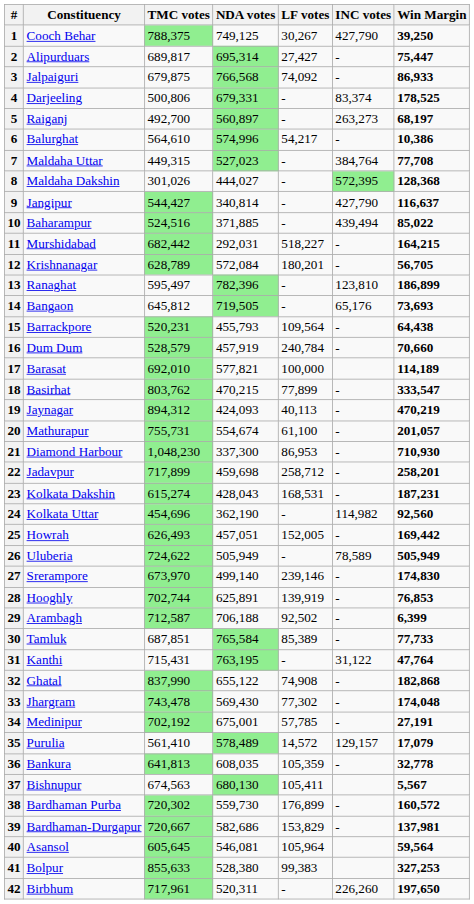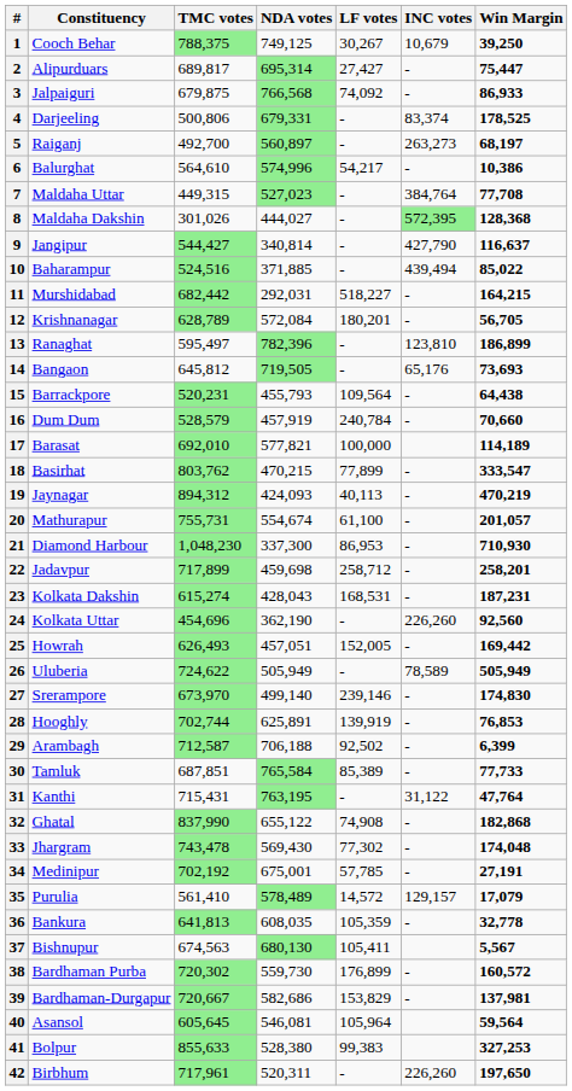 <table class="wikitable sortable">
 <tr>
 <th>#</th>
 <th>Constituency</th>
 <th style="background:">TMC votes</th>
 <th style="background:">NDA votes</th>
 <th style="background:">LF votes</th>
 <th style="background:">INC votes</th>
 <th>Win Margin</th>
 </tr>
 <tr>
 <th>1</th>
 <td><a href='#'>Cooch Behar</a></td>
 <td style="background:lightgreen;">788,375</td>
 <td>749,125</td>
 <td>30,267</td>
-<td>427,790</td>
+<td>10,679</td>
 <td><strong>39,250</strong></td>
 </tr>
 <tr>
 <th>2</th>
 <td><a href='#'>Alipurduars</a></td>
 <td>689,817</td>
 <td style="background:lightgreen;">695,314</td>
 <td>27,427</td>
 <td>-</td>
 <td><strong>75,447</strong></td>
 </tr>
 <tr>
 <th>3</th>
 <td><a href='#'>Jalpaiguri</a></td>
 <td>679,875</td>
 <td style="background:lightgreen;">766,568</td>
 <td>74,092</td>
 <td>-</td>
 <td><strong>86,933</strong></td>
 </tr>
 <tr>
 <th>4</th>
 <td><a href='#'>Darjeeling</a></td>
 <td>500,806</td>
 <td style="background:lightgreen;">679,331</td>
 <td>-</td>
 <td>83,374</td>
 <td><strong>178,525</strong></td>
 </tr>
 <tr>
 <th>5</th>
 <td><a href='#'>Raiganj</a></td>
 <td>492,700</td>
 <td style="background:lightgreen;">560,897</td>
 <td>-</td>
 <td>263,273</td>
 <td><strong>68,197</strong></td>
 </tr>
 <tr>
 <th>6</th>
 <td><a href='#'>Balurghat</a></td>
 <td>564,610</td>
 <td style="background:lightgreen;">574,996</td>
 <td>54,217</td>
 <td>-</td>
 <td><strong>10,386</strong></td>
 </tr>
 <tr>
 <th>7</th>
 <td><a href='#'>Maldaha Uttar</a></td>
 <td>449,315</td>
 <td style="background:lightgreen;">527,023</td>
 <td>-</td>
 <td>384,764</td>
 <td><strong>77,708</strong></td>
 </tr>
 <tr>
 <th>8</th>
 <td><a href='#'>Maldaha Dakshin</a></td>
 <td>301,026</td>
 <td>444,027</td>
 <td>-</td>
 <td style="background:lightgreen;">572,395</td>
 <td><strong>128,368</strong></td>
 </tr>
 <tr>
 <th>9</th>
 <td><a href='#'>Jangipur</a></td>
 <td style="background:lightgreen;">544,427</td>
 <td>340,814</td>
 <td>-</td>
 <td>427,790</td>
 <td><strong>116,637</strong></td>
 </tr>
 <tr>
 <th>10</th>
 <td><a href='#'>Baharampur</a></td>
 <td style="background:lightgreen;">524,516</td>
 <td>371,885</td>
 <td>-</td>
 <td>439,494</td>
 <td><strong>85,022</strong></td>
 </tr>
 <tr>
 <th>11</th>
 <td><a href='#'>Murshidabad</a></td>
 <td style="background:lightgreen;">682,442</td>
 <td>292,031</td>
 <td>518,227</td>
 <td>-</td>
 <td><strong>164,215</strong></td>
 </tr>
 <tr>
 <th>12</th>
 <td><a href='#'>Krishnanagar</a></td>
 <td style="background:lightgreen;">628,789</td>
 <td>572,084</td>
 <td>180,201</td>
 <td>-</td>
 <td><strong>56,705</strong></td>
 </tr>
 <tr>
 <th>13</th>
 <td><a href='#'>Ranaghat</a></td>
 <td>595,497</td>
 <td style="background:lightgreen;">782,396</td>
 <td>-</td>
 <td>123,810</td>
 <td><strong>186,899</strong></td>
 </tr>
 <tr>
 <th>14</th>
 <td><a href='#'>Bangaon</a></td>
 <td>645,812</td>
 <td style="background:lightgreen;">719,505</td>
 <td>-</td>
 <td>65,176</td>
 <td><strong>73,693</strong></td>
 </tr>
 <tr>
 <th>15</th>
 <td><a href='#'>Barrackpore</a></td>
 <td style="background:lightgreen;">520,231</td>
 <td>455,793</td>
 <td>109,564</td>
 <td>-</td>
 <td><strong>64,438</strong></td>
 </tr>
 <tr>
 <th>16</th>
 <td><a href='#'>Dum Dum</a></td>
 <td style="background:lightgreen;">528,579</td>
 <td>457,919</td>
 <td>240,784</td>
 <td>-</td>
 <td><strong>70,660</strong></td>
 </tr>
 <tr>
 <th>17</th>
 <td><a href='#'>Barasat</a></td>
 <td style="background:lightgreen;">692,010</td>
 <td>577,821</td>
 <td>100,000</td>
 <td></td>
 <td><strong>114,189</strong></td>
 </tr>
 <tr>
 <th>18</th>
 <td><a href='#'>Basirhat</a></td>
 <td style="background:lightgreen;">803,762</td>
 <td>470,215</td>
 <td>77,899</td>
 <td>-</td>
 <td><strong>333,547</strong></td>
 </tr>
 <tr>
 <th>19</th>
 <td><a href='#'>Jaynagar</a></td>
 <td style="background:lightgreen;">894,312</td>
 <td>424,093</td>
 <td>40,113</td>
 <td>-</td>
 <td><strong>470,219</strong></td>
 </tr>
 <tr>
 <th>20</th>
 <td><a href='#'>Mathurapur</a></td>
 <td style="background:lightgreen;">755,731</td>
 <td>554,674</td>
 <td>61,100</td>
 <td>-</td>
 <td><strong>201,057</strong></td>
 </tr>
 <tr>
 <th>21</th>
 <td><a href='#'>Diamond Harbour</a></td>
 <td style="background:lightgreen;">1,048,230</td>
 <td>337,300</td>
 <td>86,953</td>
 <td>-</td>
 <td><strong>710,930</strong></td>
 </tr>
 <tr>
 <th>22</th>
 <td><a href='#'>Jadavpur</a></td>
 <td style="background:lightgreen;">717,899</td>
 <td>459,698</td>
 <td>258,712</td>
 <td>-</td>
 <td><strong>258,201</strong></td>
 </tr>
 <tr>
 <th>23</th>
 <td><a href='#'>Kolkata Dakshin</a></td>
 <td style="background:lightgreen;">615,274</td>
 <td>428,043</td>
 <td>168,531</td>
 <td>-</td>
 <td><strong>187,231</strong></td>
 </tr>
 <tr>
 <th>24</th>
 <td><a href='#'>Kolkata Uttar</a></td>
 <td style="background:lightgreen;">454,696</td>
 <td>362,190</td>
 <td>-</td>
-<td>114,982</td>
+<td>226,260</td>
 <td><strong>92,560</strong></td>
 </tr>
 <tr>
 <th>25</th>
 <td><a href='#'>Howrah</a></td>
 <td style="background:lightgreen;">626,493</td>
 <td>457,051</td>
 <td>152,005</td>
 <td>-</td>
 <td><strong>169,442</strong></td>
 </tr>
 <tr>
 <th>26</th>
 <td><a href='#'>Uluberia</a></td>
 <td style="background:lightgreen;">724,622</td>
 <td>505,949</td>
 <td>-</td>
 <td>78,589</td>
 <td><strong>505,949</strong></td>
 </tr>
 <tr>
 <th>27</th>
 <td><a href='#'>Srerampore</a></td>
 <td style="background:lightgreen;">673,970</td>
 <td>499,140</td>
 <td>239,146</td>
 <td>-</td>
 <td><strong>174,830</strong></td>
 </tr>
 <tr>
 <th>28</th>
 <td><a href='#'>Hooghly</a></td>
 <td style="background:lightgreen;">702,744</td>
 <td>625,891</td>
 <td>139,919</td>
 <td>-</td>
 <td><strong>76,853</strong></td>
 </tr>
 <tr>
 <th>29</th>
 <td><a href='#'>Arambagh</a></td>
 <td style="background:lightgreen;">712,587</td>
 <td>706,188</td>
 <td>92,502</td>
 <td>-</td>
 <td><strong>6,399</strong></td>
 </tr>
 <tr>
 <th>30</th>
 <td><a href='#'>Tamluk</a></td>
 <td>687,851</td>
 <td style="background:lightgreen;">765,584</td>
 <td>85,389</td>
 <td>-</td>
 <td><strong>77,733</strong></td>
 </tr>
 <tr>
 <th>31</th>
 <td><a href='#'>Kanthi</a></td>
 <td>715,431</td>
 <td style="background:lightgreen;">763,195</td>
 <td>-</td>
 <td>31,122</td>
 <td><strong>47,764</strong></td>
 </tr>
 <tr>
 <th>32</th>
 <td><a href='#'>Ghatal</a></td>
 <td style="background:lightgreen;">837,990</td>
 <td>655,122</td>
 <td>74,908</td>
 <td>-</td>
 <td><strong>182,868</strong></td>
 </tr>
 <tr>
 <th>33</th>
 <td><a href='#'>Jhargram</a></td>
 <td style="background:lightgreen;">743,478</td>
 <td>569,430</td>
 <td>77,302</td>
 <td>-</td>
 <td><strong>174,048</strong></td>
 </tr>
 <tr>
 <th>34</th>
 <td><a href='#'>Medinipur</a></td>
 <td style="background:lightgreen;">702,192</td>
 <td>675,001</td>
 <td>57,785</td>
 <td>-</td>
 <td><strong>27,191</strong></td>
 </tr>
 <tr>
 <th>35</th>
 <td><a href='#'>Purulia</a></td>
 <td>561,410</td>
 <td style="background:lightgreen;">578,489</td>
 <td>14,572</td>
 <td>129,157</td>
 <td><strong>17,079</strong></td>
 </tr>
 <tr>
 <th>36</th>
 <td><a href='#'>Bankura</a></td>
 <td style="background:lightgreen;">641,813</td>
 <td>608,035</td>
 <td>105,359</td>
 <td>-</td>
 <td><strong>32,778</strong></td>
 </tr>
 <tr>
 <th>37</th>
 <td><a href='#'>Bishnupur</a></td>
 <td>674,563</td>
 <td style="background:lightgreen;">680,130</td>
 <td>105,411</td>
 <td></td>
 <td><strong>5,567</strong></td>
 </tr>
 <tr>
 <th>38</th>
 <td><a href='#'>Bardhaman Purba</a></td>
 <td style="background:lightgreen;">720,302</td>
 <td>559,730</td>
 <td>176,899</td>
 <td>-</td>
 <td><strong>160,572</strong></td>
 </tr>
 <tr>
 <th>39</th>
 <td><a href='#'>Bardhaman-Durgapur</a></td>
 <td style="background:lightgreen;">720,667</td>
 <td>582,686</td>
 <td>153,829</td>
 <td>-</td>
 <td><strong>137,981</strong></td>
 </tr>
 <tr>
 <th>40</th>
 <td><a href='#'>Asansol</a></td>
 <td style="background:lightgreen;">605,645</td>
 <td>546,081</td>
 <td>105,964</td>
 <td></td>
 <td><strong>59,564</strong></td>
 </tr>
 <tr>
 <th>41</th>
 <td><a href='#'>Bolpur</a></td>
 <td style="background:lightgreen;">855,633</td>
 <td>528,380</td>
 <td>99,383</td>
 <td></td>
 <td><strong>327,253</strong></td>
 </tr>
 <tr>
 <th>42</th>
 <td><a href='#'>Birbhum</a></td>
 <td style="background:lightgreen;">717,961</td>
 <td>520,311</td>
 <td>-</td>
 <td>226,260</td>
 <td><strong>197,650</strong></td>
 </tr>
 </table>
